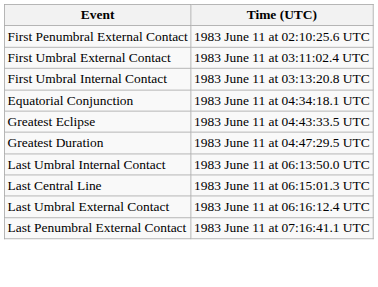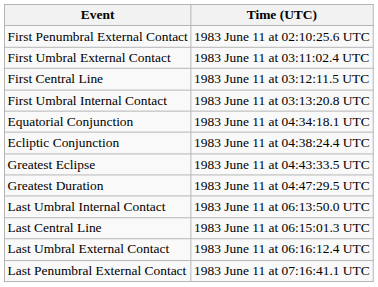 <table class="wikitable">
 <tr>
 <th>Event</th>
 <th>Time (UTC)</th>
 </tr>
 <tr>
 <td>First Penumbral External Contact</td>
 <td>1983 June 11 at 02:10:25.6 UTC</td>
 </tr>
 <tr>
 <td>First Umbral External Contact</td>
 <td>1983 June 11 at 03:11:02.4 UTC</td>
 </tr>
 <tr>
+<td>First Central Line</td>
+<td>1983 June 11 at 03:12:11.5 UTC</td>
+</tr>
+<tr>
 <td>First Umbral Internal Contact</td>
 <td>1983 June 11 at 03:13:20.8 UTC</td>
 </tr>
 <tr>
 <td>Equatorial Conjunction</td>
 <td>1983 June 11 at 04:34:18.1 UTC</td>
+</tr>
+<tr>
+<td>Ecliptic Conjunction</td>
+<td>1983 June 11 at 04:38:24.4 UTC</td>
 </tr>
 <tr>
 <td>Greatest Eclipse</td>
 <td>1983 June 11 at 04:43:33.5 UTC</td>
 </tr>
 <tr>
 <td>Greatest Duration</td>
 <td>1983 June 11 at 04:47:29.5 UTC</td>
 </tr>
 <tr>
 <td>Last Umbral Internal Contact</td>
 <td>1983 June 11 at 06:13:50.0 UTC</td>
 </tr>
 <tr>
 <td>Last Central Line</td>
 <td>1983 June 11 at 06:15:01.3 UTC</td>
 </tr>
 <tr>
 <td>Last Umbral External Contact</td>
 <td>1983 June 11 at 06:16:12.4 UTC</td>
 </tr>
 <tr>
 <td>Last Penumbral External Contact</td>
 <td>1983 June 11 at 07:16:41.1 UTC</td>
 </tr>
 </table>
